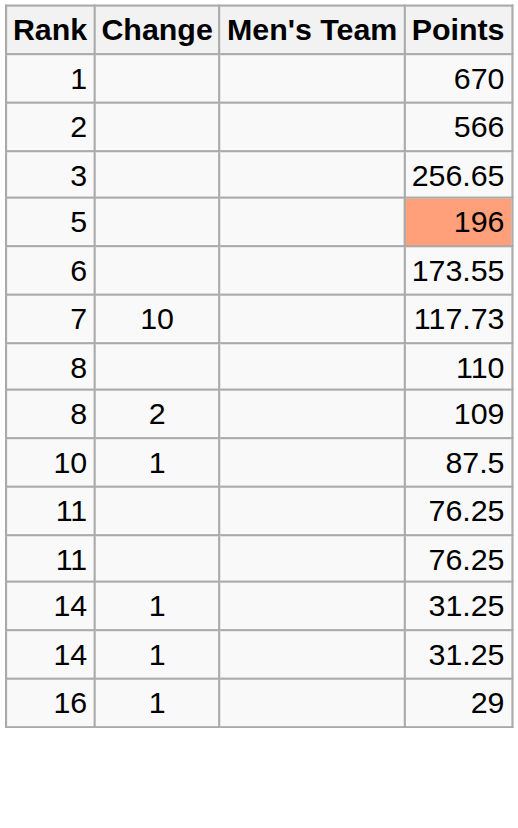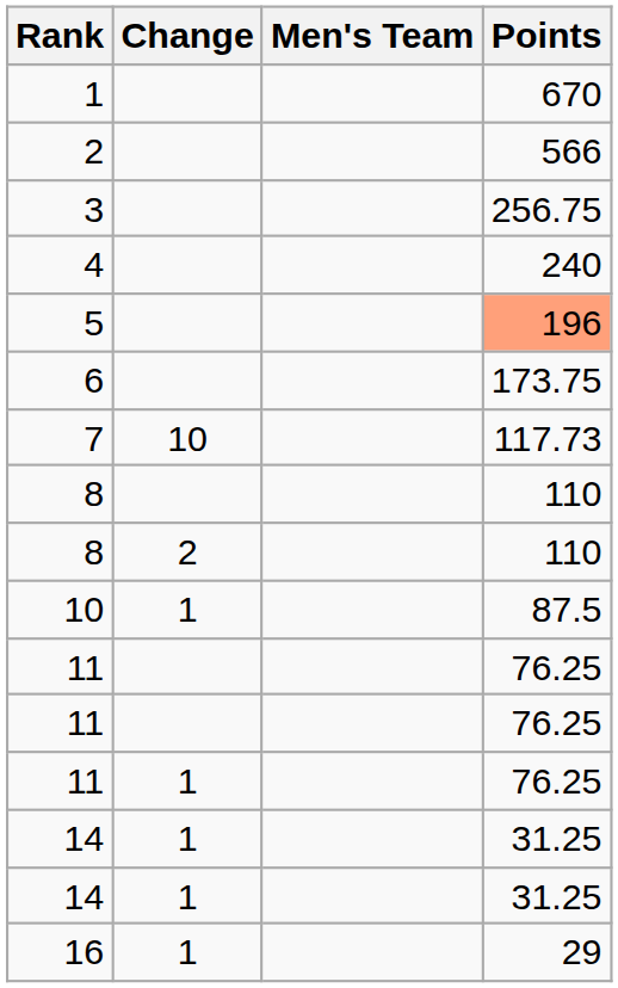 <table class="wikitable" style="font-size: 90%; float: right; margin-left: 1em;">
 <tr>
 <th>Rank</th>
 <th>Change</th>
 <th>Men's Team</th>
 <th>Points</th>
 </tr>
 <tr>
 <td align="right">1</td>
 <td align="center"></td>
 <td></td>
 <td align="right">670</td>
 </tr>
 <tr>
 <td align="right">2</td>
 <td align="center"></td>
 <td></td>
 <td align="right">566</td>
 </tr>
 <tr>
 <td align="right">3</td>
 <td align="center"></td>
 <td></td>
-<td align="right">256.65</td>
+<td align="right">256.75</td>
+</tr>
+<tr>
+<td align="right">4</td>
+<td align="center"></td>
+<td></td>
+<td align="right">240</td>
 </tr>
 <tr>
 <td align="right">5</td>
 <td align="center"></td>
 <td></td>
 <td align="right" style="background: lightsalmon;">196</td>
 </tr>
 <tr>
 <td align="right">6</td>
 <td align="center"></td>
 <td></td>
-<td align="right">173.55</td>
+<td align="right">173.75</td>
 </tr>
 <tr>
 <td align="right">7</td>
 <td align="center"> 10</td>
 <td></td>
 <td align="right">117.73</td>
 </tr>
 <tr>
 <td align="right">8</td>
 <td align="center"></td>
 <td></td>
 <td align="right">110</td>
 </tr>
 <tr>
 <td align="right">8</td>
 <td align="center"> 2</td>
 <td></td>
-<td align="right">109</td>
+<td align="right">110</td>
 </tr>
 <tr>
 <td align="right">10</td>
 <td align="center"> 1</td>
 <td></td>
 <td align="right">87.5</td>
 </tr>
 <tr>
 <td align="right">11</td>
 <td align="center"></td>
 <td></td>
 <td align="right">76.25</td>
 </tr>
 <tr>
 <td align="right">11</td>
 <td align="center"></td>
+<td></td>
+<td align="right">76.25</td>
+</tr>
+<tr>
+<td align="right">11</td>
+<td align="center"> 1</td>
 <td></td>
 <td align="right">76.25</td>
 </tr>
 <tr>
 <td align="right">14</td>
 <td align="center"> 1</td>
 <td></td>
 <td align="right">31.25</td>
 </tr>
 <tr>
 <td align="right">14</td>
 <td align="center"> 1</td>
 <td></td>
 <td align="right">31.25</td>
 </tr>
 <tr>
 <td align="right">16</td>
 <td align="center"> 1</td>
 <td></td>
 <td align="right">29</td>
 </tr>
 </table>
